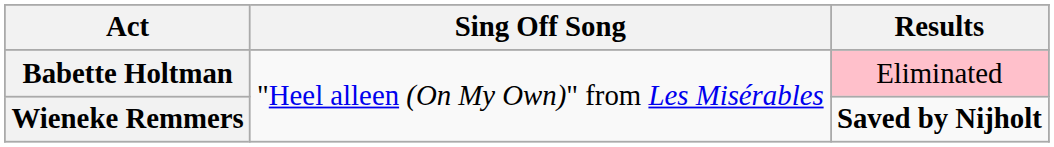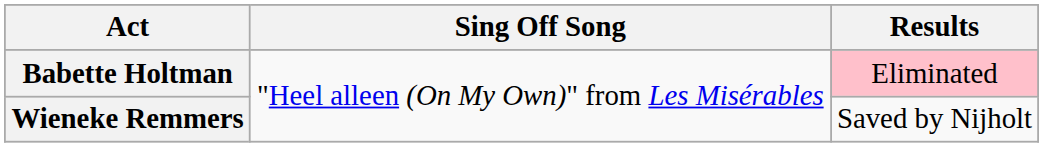 <table class="wikitable plainrowheaders" style="text-align:center;">
 <tr>
 <th scope="col">Act</th>
 <th scope="col">Sing Off Song</th>
 <th scope="col">Results</th>
 </tr>
 <tr>
 <th scope="row">Babette Holtman</th>
 <td rowspan="2">"<a href='#'>Heel alleen</a>  <em>(On My Own)</em>" from <em><a href='#'>Les Misérables</a></em></td>
 <td style="background:pink;">Eliminated</td>
 </tr>
 <tr>
 <th scope="row">Wieneke Remmers</th>
-<td><strong>Saved by Nijholt</strong></td>
+<td>Saved by Nijholt</td>
 </tr>
 </table>
